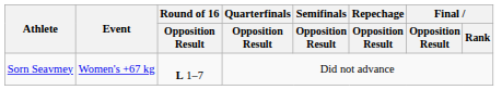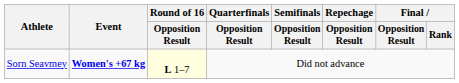 <table class="wikitable" style="font-size:90%;">
 <tr>
 <th rowspan=2>Athlete</th>
 <th rowspan=2>Event</th>
 <th>Round of 16</th>
 <th>Quarterfinals</th>
 <th>Semifinals</th>
 <th>Repechage</th>
 <th colspan=2>Final / </th>
 </tr>
 <tr style="font-size:95%">
 <th>Opposition<br>Result</th>
 <th>Opposition<br>Result</th>
 <th>Opposition<br>Result</th>
 <th>Opposition<br>Result</th>
 <th>Opposition<br>Result</th>
 <th>Rank</th>
 </tr>
 <tr align=center>
 <td align=left><a href='#'>Sorn Seavmey</a></td>
-<td align=left><a href='#'>Women's +67 kg</a></td>
-<td><br><strong>L</strong> 1–7</td>
+<td align=left><strong><a href='#'>Women's +67 kg</a></strong></td>
+<td style="background: lightyellow;"><br><strong>L</strong> 1–7</td>
 <td colspan=5>Did not advance</td>
 </tr>
 </table>
